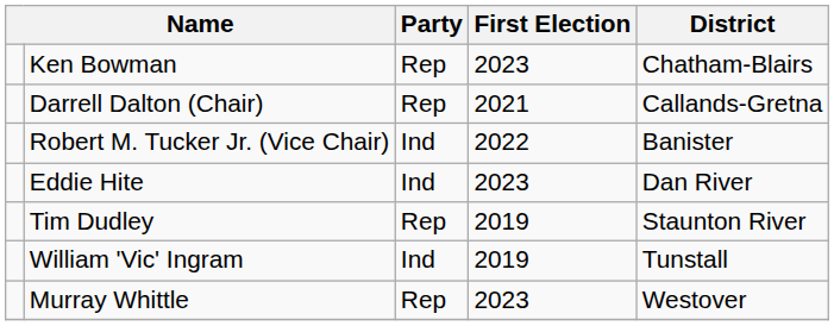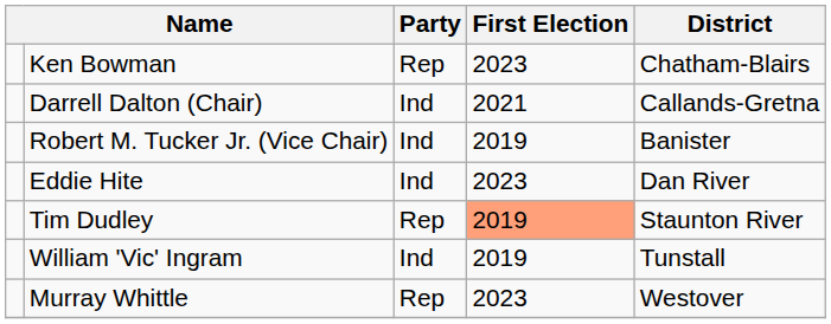 <table class=wikitable>
 <tr>
 <th colspan=2 align=center>Name</th>
 <th valign=bottom>Party</th>
 <th valign=bottom>First Election</th>
 <th valign=bottom>District</th>
 </tr>
 <tr>
 <td style="background-color:"> </td>
 <td>Ken Bowman</td>
 <td>Rep</td>
 <td>2023</td>
 <td>Chatham-Blairs</td>
 </tr>
 <tr>
 <td style="background-color:"> </td>
 <td>Darrell Dalton (Chair)</td>
-<td>Rep</td>
+<td>Ind</td>
 <td>2021</td>
 <td>Callands-Gretna</td>
 </tr>
 <tr>
 <td style="background-color:"> </td>
 <td>Robert M. Tucker Jr. (Vice Chair)</td>
 <td>Ind</td>
-<td>2022</td>
+<td>2019</td>
 <td>Banister</td>
 </tr>
 <tr>
 <td style="background-color:"> </td>
 <td>Eddie Hite</td>
 <td>Ind</td>
 <td>2023</td>
 <td>Dan River</td>
 </tr>
 <tr>
 <td style="background-color:"> </td>
 <td>Tim Dudley</td>
 <td>Rep</td>
-<td>2019</td>
+<td style="background: lightsalmon;">2019</td>
 <td>Staunton River</td>
 </tr>
 <tr>
 <td style="background-color:{{"> </td>
 <td>William 'Vic' Ingram</td>
 <td>Ind</td>
 <td>2019</td>
 <td>Tunstall</td>
 </tr>
 <tr>
 <td style="background-color:"> </td>
 <td>Murray Whittle</td>
 <td>Rep</td>
 <td>2023</td>
 <td>Westover</td>
 </tr>
 <tr>
 </tr>
 </table>
